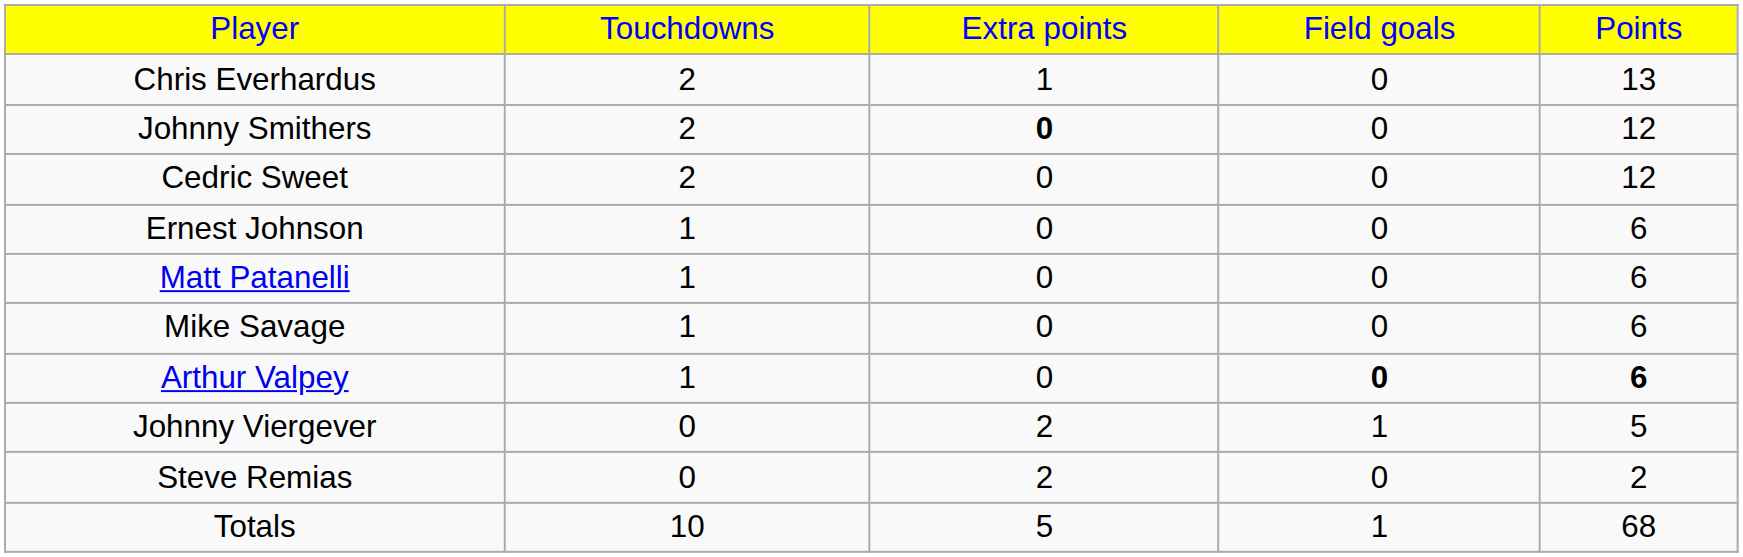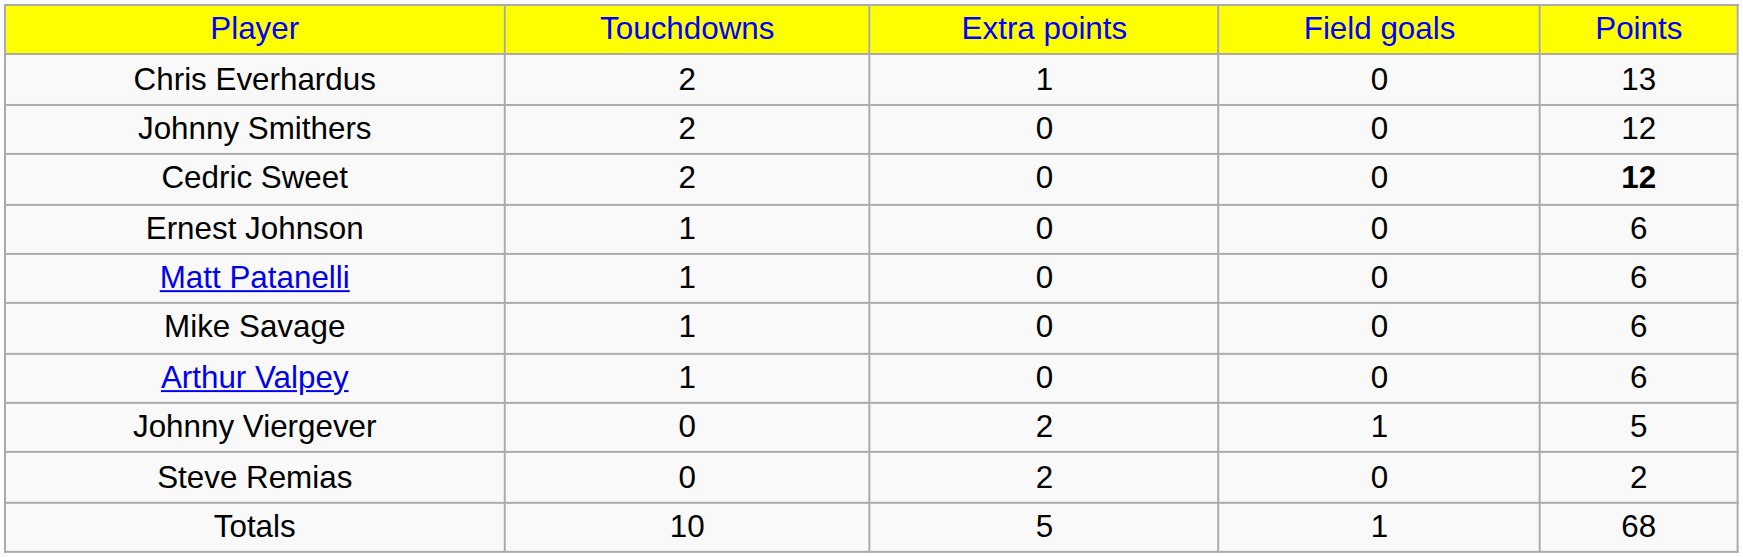 <table class="wikitable" width="70%">
 <tr align="center"  style="background:yellow;color:blue;">
 <td>Player</td>
 <td>Touchdowns</td>
 <td>Extra points</td>
 <td>Field goals</td>
 <td>Points</td>
 </tr>
 <tr align="center" bgcolor="">
 <td>Chris Everhardus</td>
 <td>2</td>
 <td>1</td>
 <td>0</td>
 <td>13</td>
 </tr>
 <tr align="center" bgcolor="">
 <td>Johnny Smithers</td>
 <td>2</td>
-<td><strong>0</strong></td>
+<td>0</td>
 <td>0</td>
 <td>12</td>
 </tr>
 <tr align="center" bgcolor="">
 <td>Cedric Sweet</td>
 <td>2</td>
 <td>0</td>
 <td>0</td>
-<td>12</td>
+<td><strong>12</strong></td>
 </tr>
 <tr align="center" bgcolor="">
 <td>Ernest Johnson</td>
 <td>1</td>
 <td>0</td>
 <td>0</td>
 <td>6</td>
 </tr>
 <tr align="center" bgcolor="">
 <td><a href='#'>Matt Patanelli</a></td>
 <td>1</td>
 <td>0</td>
 <td>0</td>
 <td>6</td>
 </tr>
 <tr align="center" bgcolor="">
 <td>Mike Savage</td>
 <td>1</td>
 <td>0</td>
 <td>0</td>
 <td>6</td>
 </tr>
 <tr align="center" bgcolor="">
 <td><a href='#'>Arthur Valpey</a></td>
 <td>1</td>
 <td>0</td>
-<td><strong>0</strong></td>
-<td><strong>6</strong></td>
+<td>0</td>
+<td>6</td>
 </tr>
 <tr align="center" bgcolor="">
 <td>Johnny Viergever</td>
 <td>0</td>
 <td>2</td>
 <td>1</td>
 <td>5</td>
 </tr>
 <tr align="center" bgcolor="">
 <td>Steve Remias</td>
 <td>0</td>
 <td>2</td>
 <td>0</td>
 <td>2</td>
 </tr>
 <tr align="center" bgcolor="">
 <td>Totals</td>
 <td>10</td>
 <td>5</td>
 <td>1</td>
 <td>68</td>
 </tr>
 </table>
